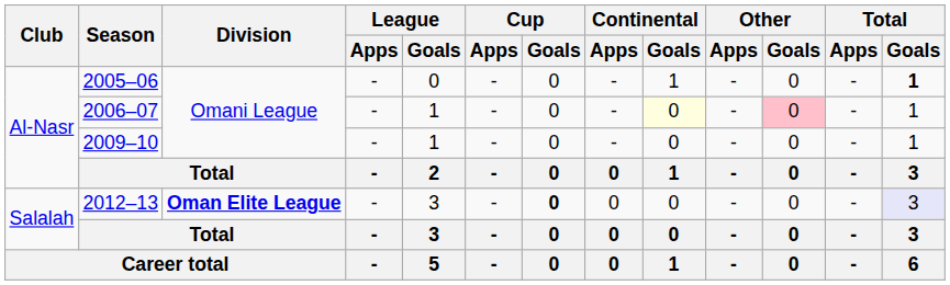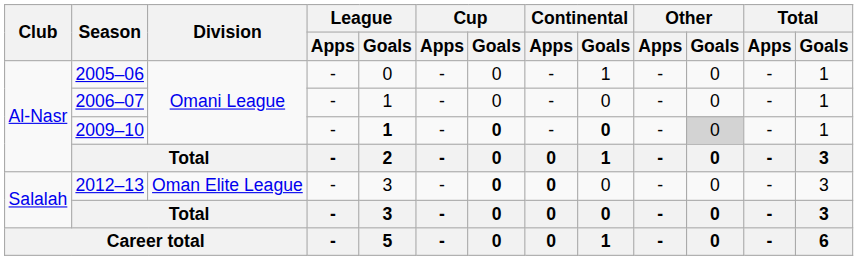 <table class="wikitable" style="text-align: center;">
 <tr>
 <th rowspan="2">Club</th>
 <th rowspan="2">Season</th>
 <th rowspan="2">Division</th>
 <th colspan="2">League</th>
 <th colspan="2">Cup</th>
 <th colspan="2">Continental</th>
 <th colspan="2">Other</th>
 <th colspan="2">Total</th>
 </tr>
 <tr>
 <th>Apps</th>
 <th>Goals</th>
 <th>Apps</th>
 <th>Goals</th>
 <th>Apps</th>
 <th>Goals</th>
 <th>Apps</th>
 <th>Goals</th>
 <th>Apps</th>
 <th>Goals</th>
 </tr>
 <tr>
 <td rowspan="4"><a href='#'>Al-Nasr</a></td>
 <td><a href='#'>2005–06</a></td>
 <td rowspan="3"><a href='#'>Omani League</a></td>
 <td>-</td>
 <td>0</td>
 <td>-</td>
 <td>0</td>
 <td>-</td>
 <td>1</td>
 <td>-</td>
 <td>0</td>
 <td>-</td>
-<td><strong>1</strong></td>
+<td>1</td>
 </tr>
 <tr>
 <td><a href='#'>2006–07</a></td>
 <td>-</td>
 <td>1</td>
 <td>-</td>
 <td>0</td>
 <td>-</td>
-<td style="background: lightyellow;">0</td>
+<td>0</td>
 <td>-</td>
-<td style="background: pink;">0</td>
+<td>0</td>
 <td>-</td>
 <td>1</td>
 </tr>
 <tr>
 <td><a href='#'>2009–10</a></td>
 <td>-</td>
-<td>1</td>
+<td><strong>1</strong></td>
 <td>-</td>
-<td>0</td>
+<td><strong>0</strong></td>
 <td>-</td>
-<td>0</td>
+<td><strong>0</strong></td>
 <td>-</td>
-<td>0</td>
+<td style="background: lightgrey;">0</td>
 <td>-</td>
 <td>1</td>
 </tr>
 <tr>
 <th colspan="2">Total</th>
 <th>-</th>
 <th>2</th>
 <th>-</th>
 <th>0</th>
 <th>0</th>
 <th>1</th>
 <th>-</th>
 <th>0</th>
 <th>-</th>
 <th>3</th>
 </tr>
 <tr>
 <td rowspan="2"><a href='#'>Salalah</a></td>
 <td><a href='#'>2012–13</a></td>
-<td rowspan="1"><strong><a href='#'>Oman Elite League</a></strong></td>
+<td rowspan="1"><a href='#'>Oman Elite League</a></td>
 <td>-</td>
 <td>3</td>
 <td>-</td>
 <td><strong>0</strong></td>
-<td>0</td>
+<td><strong>0</strong></td>
 <td>0</td>
 <td>-</td>
 <td>0</td>
 <td>-</td>
-<td style="background: lavender;">3</td>
+<td>3</td>
 </tr>
 <tr>
 <th colspan="2">Total</th>
 <th>-</th>
 <th>3</th>
 <th>-</th>
 <th>0</th>
 <th>0</th>
 <th>0</th>
 <th>-</th>
 <th>0</th>
 <th>-</th>
 <th>3</th>
 </tr>
 <tr>
 <th colspan="3">Career total</th>
 <th>-</th>
 <th>5</th>
 <th>-</th>
 <th>0</th>
 <th>0</th>
 <th>1</th>
 <th>-</th>
 <th>0</th>
 <th>-</th>
 <th>6</th>
 </tr>
 </table>
